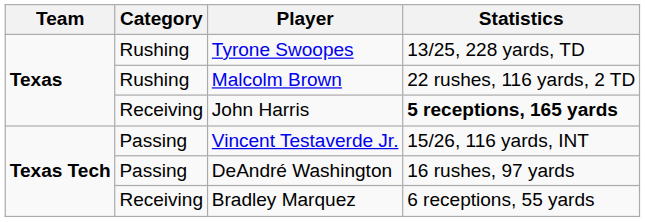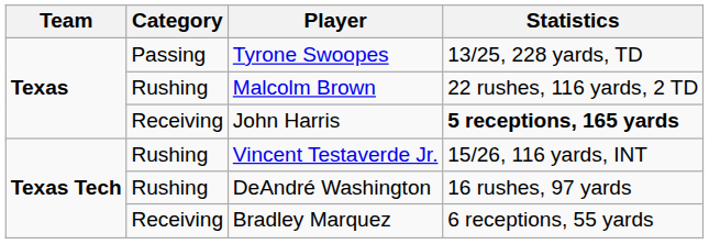 <table class="wikitable" style="float: right;">
 <tr>
 <th>Team</th>
 <th>Category</th>
 <th>Player</th>
 <th>Statistics</th>
 </tr>
 <tr>
 <td rowspan=3><strong>Texas</strong></td>
-<td>Rushing</td>
+<td>Passing</td>
 <td><a href='#'>Tyrone Swoopes</a></td>
 <td>13/25, 228 yards, TD</td>
 </tr>
 <tr>
 <td>Rushing</td>
 <td><a href='#'>Malcolm Brown</a></td>
 <td>22 rushes, 116 yards, 2 TD</td>
 </tr>
 <tr>
 <td>Receiving</td>
 <td>John Harris</td>
 <td><strong>5 receptions, 165 yards</strong></td>
 </tr>
 <tr>
 <td rowspan=3><strong>Texas Tech</strong></td>
-<td>Passing</td>
+<td>Rushing</td>
 <td><a href='#'>Vincent Testaverde Jr.</a></td>
 <td>15/26, 116 yards, INT</td>
 </tr>
 <tr>
-<td>Passing</td>
+<td>Rushing</td>
 <td>DeAndré Washington</td>
 <td>16 rushes, 97 yards</td>
 </tr>
 <tr>
 <td>Receiving</td>
 <td>Bradley Marquez</td>
 <td>6 receptions, 55 yards</td>
 </tr>
 </table>
